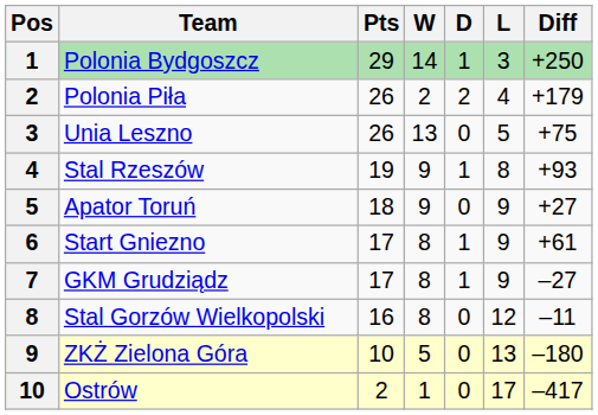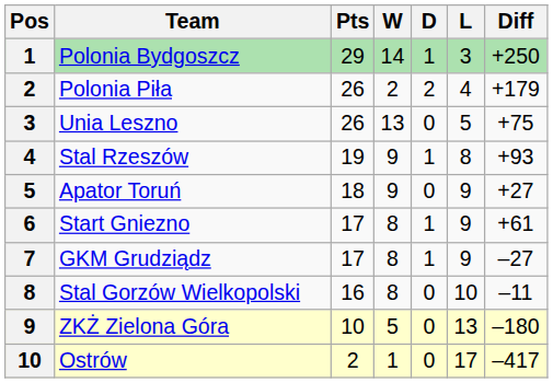 <table class="wikitable" style="font-size: 100%">
 <tr>
 <th width=20>Pos</th>
 <th width=200>Team</th>
 <th width=20>Pts</th>
 <th width=20>W</th>
 <th width=20>D</th>
 <th width=20>L</th>
 <th width=40>Diff</th>
 </tr>
 <tr align=center align=center style="background:#ACE1AF;">
 <th>1</th>
 <td align=left><a href='#'>Polonia Bydgoszcz</a></td>
 <td>29</td>
 <td>14</td>
 <td>1</td>
 <td>3</td>
 <td>+250</td>
 </tr>
 <tr align=center>
 <th>2</th>
 <td align=left><a href='#'>Polonia Piła</a></td>
 <td>26</td>
 <td>2</td>
 <td>2</td>
 <td>4</td>
 <td>+179</td>
 </tr>
 <tr align=center>
 <th>3</th>
 <td align=left><a href='#'>Unia Leszno</a></td>
 <td>26</td>
 <td>13</td>
 <td>0</td>
 <td>5</td>
 <td>+75</td>
 </tr>
 <tr align=center>
 <th>4</th>
 <td align=left><a href='#'>Stal Rzeszów</a></td>
 <td>19</td>
 <td>9</td>
 <td>1</td>
 <td>8</td>
 <td>+93</td>
 </tr>
 <tr align=center>
 <th>5</th>
 <td align=left><a href='#'>Apator Toruń</a></td>
 <td>18</td>
 <td>9</td>
 <td>0</td>
 <td>9</td>
 <td>+27</td>
 </tr>
 <tr align=center>
 <th>6</th>
 <td align=left><a href='#'>Start Gniezno</a></td>
 <td>17</td>
 <td>8</td>
 <td>1</td>
 <td>9</td>
 <td>+61</td>
 </tr>
 <tr align=center>
 <th>7</th>
 <td align=left><a href='#'>GKM Grudziądz</a></td>
 <td>17</td>
 <td>8</td>
 <td>1</td>
 <td>9</td>
 <td>–27</td>
 </tr>
 <tr align=center>
 <th>8</th>
 <td align=left><a href='#'>Stal Gorzów Wielkopolski</a></td>
 <td>16</td>
 <td>8</td>
 <td>0</td>
-<td>12</td>
+<td>10</td>
 <td>–11</td>
 </tr>
 <tr align=center style="background: #ffffcc;">
 <th>9</th>
 <td align=left><a href='#'>ZKŻ Zielona Góra</a></td>
 <td>10</td>
 <td>5</td>
 <td>0</td>
 <td>13</td>
 <td>–180</td>
 </tr>
 <tr align=center style="background: #ffffcc;">
 <th>10</th>
 <td align=left><a href='#'>Ostrów</a></td>
 <td>2</td>
 <td>1</td>
 <td>0</td>
 <td>17</td>
 <td>–417</td>
 </tr>
 </table>
